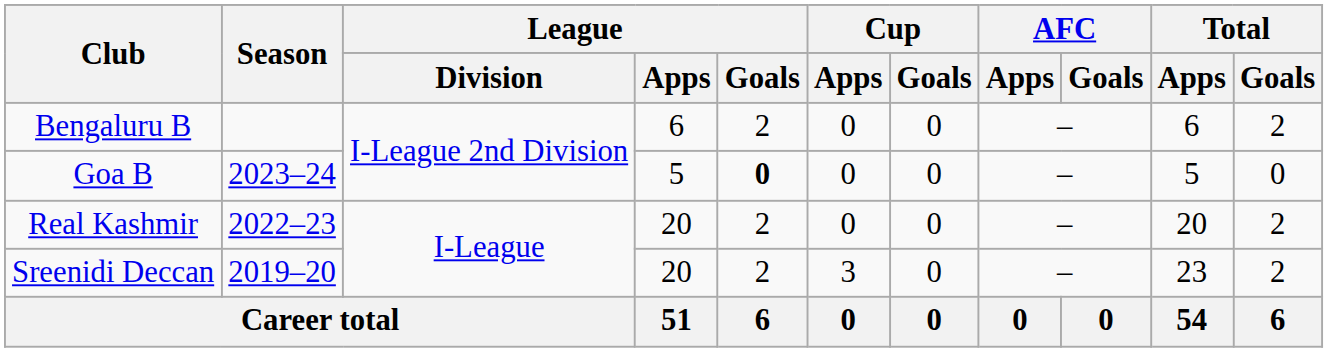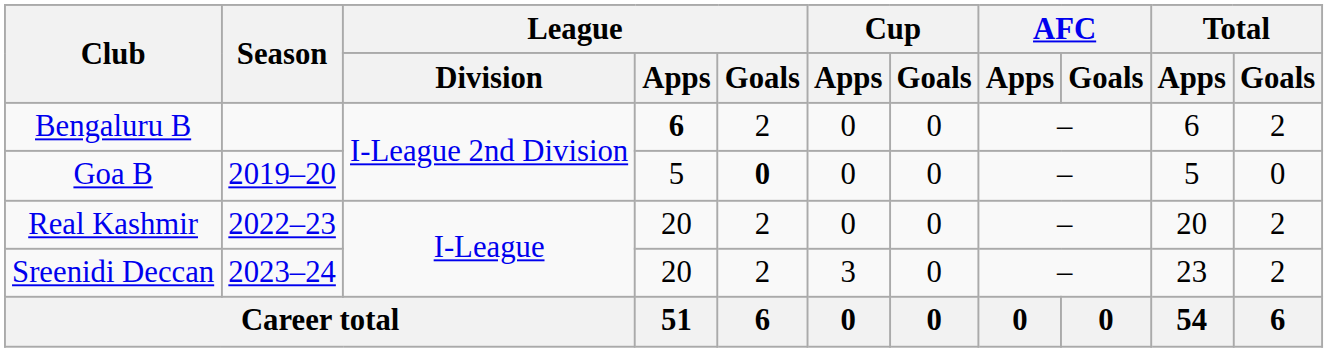 <table class=wikitable style=text-align:center>
 <tr>
 <th rowspan="2">Club</th>
 <th rowspan="2">Season</th>
 <th colspan="3">League</th>
 <th colspan="2">Cup</th>
 <th colspan="2"><a href='#'>AFC</a></th>
 <th colspan="2">Total</th>
 </tr>
 <tr>
 <th>Division</th>
 <th>Apps</th>
 <th>Goals</th>
 <th>Apps</th>
 <th>Goals</th>
 <th>Apps</th>
 <th>Goals</th>
 <th>Apps</th>
 <th>Goals</th>
 </tr>
 <tr>
 <td><a href='#'>Bengaluru B</a></td>
 <td></td>
 <td rowspan="2"><a href='#'>I-League 2nd Division</a></td>
-<td>6</td>
+<td><strong>6</strong></td>
 <td>2</td>
 <td>0</td>
 <td>0</td>
 <td colspan="2">–</td>
 <td>6</td>
 <td>2</td>
 </tr>
 <tr>
 <td><a href='#'>Goa B</a></td>
-<td><a href='#'>2023–24</a></td>
+<td><a href='#'>2019–20</a></td>
 <td>5</td>
 <td><strong>0</strong></td>
 <td>0</td>
 <td>0</td>
 <td colspan="2">–</td>
 <td>5</td>
 <td>0</td>
 </tr>
 <tr>
 <td><a href='#'>Real Kashmir</a></td>
 <td><a href='#'>2022–23</a></td>
 <td rowspan="2"><a href='#'>I-League</a></td>
 <td>20</td>
 <td>2</td>
 <td>0</td>
 <td>0</td>
 <td colspan="2">–</td>
 <td>20</td>
 <td>2</td>
 </tr>
 <tr>
 <td rowspan="1"><a href='#'>Sreenidi Deccan</a></td>
-<td><a href='#'>2019–20</a></td>
+<td><a href='#'>2023–24</a></td>
 <td>20</td>
 <td>2</td>
 <td>3</td>
 <td>0</td>
 <td colspan="2">–</td>
 <td>23</td>
 <td>2</td>
 </tr>
 <tr>
 <th colspan="3">Career total</th>
 <th>51</th>
 <th>6</th>
 <th>0</th>
 <th>0</th>
 <th>0</th>
 <th>0</th>
 <th>54</th>
 <th>6</th>
 </tr>
 </table>
